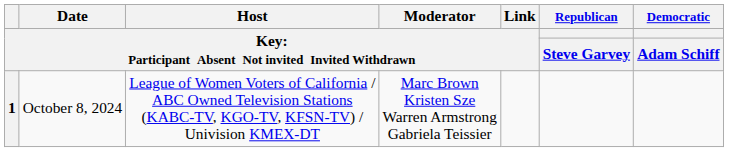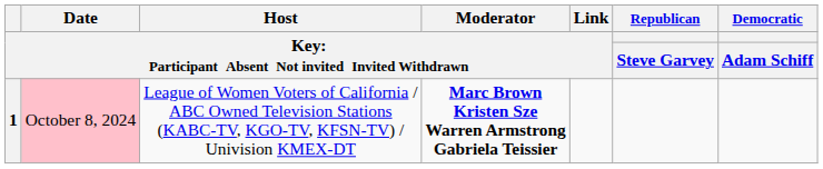 <table class="wikitable" style="text-align:center;">
 <tr>
 <th scope="col"></th>
 <th scope="col">Date</th>
 <th scope="col">Host</th>
 <th scope="col">Moderator</th>
 <th scope="col">Link</th>
 <th scope="col"><small><a href='#'>Republican</a></small></th>
 <th scope="col"><small><a href='#'>Democratic</a></small></th>
 </tr>
 <tr>
 <th colspan="5" rowspan="2">Key:<br> <small>Participant </small>  <small>Absent </small>  <small>Not invited </small>  <small>Invited  Withdrawn</small></th>
 <th scope="col" style="background:"></th>
 <th scope="col" style="background:"></th>
 </tr>
 <tr>
 <th scope="col"><a href='#'>Steve Garvey</a></th>
 <th scope="col"><a href='#'>Adam Schiff</a></th>
 </tr>
 <tr>
 <th>1</th>
-<td>October 8, 2024</td>
+<td style="background: pink;">October 8, 2024</td>
 <td><a href='#'>League of Women Voters of California</a> /<br><a href='#'>ABC Owned Television Stations</a><br>(<a href='#'>KABC-TV</a>, <a href='#'>KGO-TV</a>, <a href='#'>KFSN-TV</a>) /<br>Univision <a href='#'>KMEX-DT</a></td>
-<td><a href='#'>Marc Brown</a><br><a href='#'>Kristen Sze</a><br>Warren Armstrong<br>Gabriela Teissier</td>
+<td><strong><a href='#'>Marc Brown</a><br><a href='#'>Kristen Sze</a><br>Warren Armstrong<br>Gabriela Teissier</strong></td>
 <td style="white-space:nowrap;"></td>
 <td></td>
 <td></td>
 </tr>
 </table>
